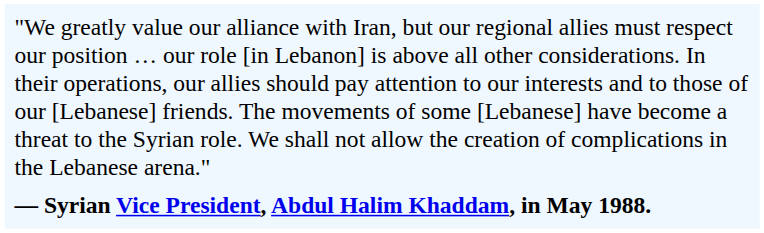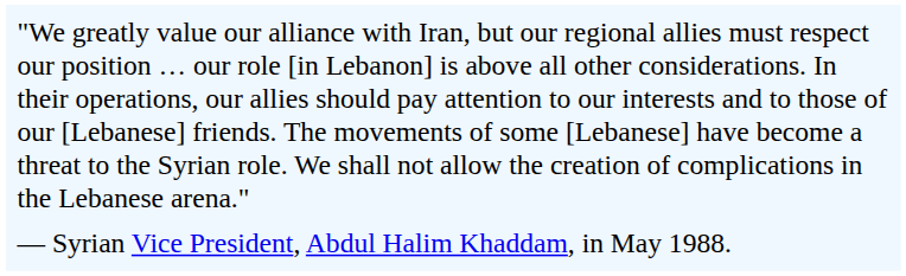 <table class="toccolours" style="float: right; margin-left: 1em; margin-right: 2em; font-size: 95%; background:#F0F8FF; color:black; width:32em; max-width: 40%;" cellspacing="5">
 <tr>
 <td style="text-align: left;">"We greatly value our alliance with Iran, but our regional allies must respect our position … our role [in Lebanon] is above all other considerations. In their operations, our allies should pay attention to our interests and to those of our [Lebanese] friends. The movements of some [Lebanese] have become a threat to the Syrian role. We shall not allow the creation of complications in the Lebanese arena."</td>
 </tr>
 <tr>
-<td style="text-align: left;"><strong>— Syrian <a href='#'>Vice President</a>, <a href='#'>Abdul Halim Khaddam</a>, in May 1988.</strong></td>
+<td style="text-align: left;">— Syrian <a href='#'>Vice President</a>, <a href='#'>Abdul Halim Khaddam</a>, in May 1988.</td>
 </tr>
 </table>
